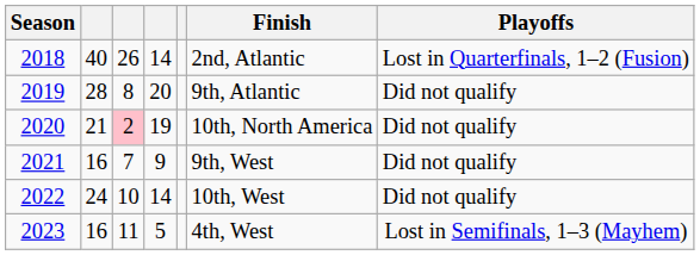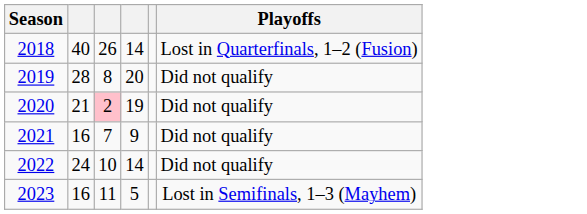 <table class="wikitable" style="text-align:center;">
 <tr>
 <th style="background:#">Season</th>
 <th style="background:#"></th>
 <th style="background:#"></th>
 <th style="background:#"></th>
 <th style="background:#"></th>
-<th style="background:#">Finish</th>
 <th style="background:#">Playoffs</th>
 </tr>
 <tr>
 <td><a href='#'>2018</a></td>
 <td>40</td>
 <td>26</td>
 <td>14</td>
 <td></td>
-<td style="text-align:left">2nd, Atlantic</td>
 <td style="text-align:left">Lost in <a href='#'>Quarterfinals</a>, 1–2 (<a href='#'>Fusion</a>)</td>
 </tr>
 <tr>
 <td><a href='#'>2019</a></td>
 <td>28</td>
 <td>8</td>
 <td>20</td>
 <td></td>
-<td style="text-align:left">9th, Atlantic</td>
 <td style="text-align:left">Did not qualify</td>
 </tr>
 <tr>
 <td><a href='#'>2020</a></td>
 <td>21</td>
 <td style="background: pink;">2</td>
 <td>19</td>
 <td></td>
-<td style="text-align:left">10th, North America</td>
 <td style="text-align:left">Did not qualify</td>
 </tr>
 <tr>
 <td><a href='#'>2021</a></td>
 <td>16</td>
 <td>7</td>
 <td>9</td>
 <td></td>
-<td style="text-align:left">9th, West</td>
 <td style="text-align:left">Did not qualify</td>
 </tr>
 <tr>
 <td><a href='#'>2022</a></td>
 <td>24</td>
 <td>10</td>
 <td>14</td>
 <td></td>
-<td style="text-align:left">10th, West</td>
 <td style="text-align:left">Did not qualify</td>
 </tr>
 <tr>
 <td><a href='#'>2023</a></td>
 <td>16</td>
 <td>11</td>
 <td>5</td>
 <td></td>
-<td style="text-align:left">4th, West</td>
 <td>Lost in <a href='#'>Semifinals</a>, 1–3 (<a href='#'>Mayhem</a>)</td>
 </tr>
 </table>
